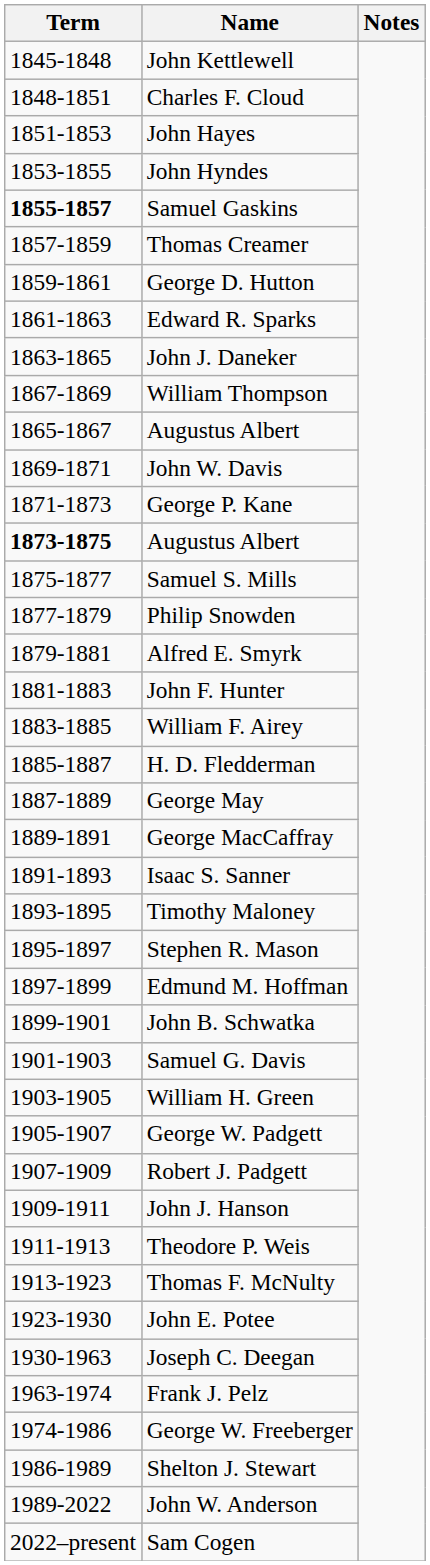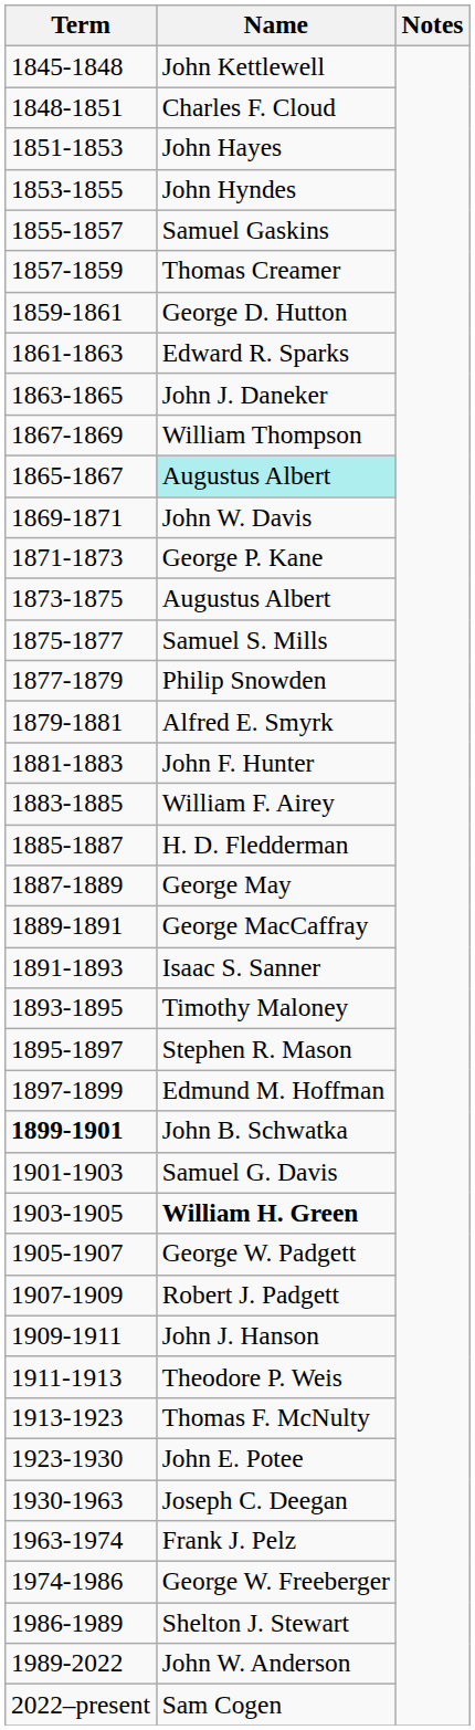 <table class="wikitable">
 <tr>
 <th>Term</th>
 <th>Name</th>
 <th>Notes</th>
 </tr>
 <tr>
 <td>1845-1848</td>
 <td>John Kettlewell</td>
 </tr>
 <tr>
 <td>1848-1851</td>
 <td>Charles F. Cloud</td>
 </tr>
 <tr>
 <td>1851-1853</td>
 <td>John Hayes</td>
 </tr>
 <tr>
 <td>1853-1855</td>
 <td>John Hyndes</td>
 </tr>
 <tr>
-<td><strong>1855-1857</strong></td>
+<td>1855-1857</td>
 <td>Samuel Gaskins</td>
 </tr>
 <tr>
 <td>1857-1859</td>
 <td>Thomas Creamer</td>
 </tr>
 <tr>
 <td>1859-1861</td>
 <td>George D. Hutton</td>
 </tr>
 <tr>
 <td>1861-1863</td>
 <td>Edward R. Sparks</td>
 </tr>
 <tr>
 <td>1863-1865</td>
 <td>John J. Daneker</td>
 </tr>
 <tr>
 <td>1867-1869</td>
 <td>William Thompson</td>
 </tr>
 <tr>
 <td>1865-1867</td>
-<td>Augustus Albert</td>
+<td style="background: paleturquoise;">Augustus Albert</td>
 </tr>
 <tr>
 <td>1869-1871</td>
 <td>John W. Davis</td>
 </tr>
 <tr>
 <td>1871-1873</td>
 <td>George P. Kane</td>
 </tr>
 <tr>
-<td><strong>1873-1875</strong></td>
+<td>1873-1875</td>
 <td>Augustus Albert</td>
 </tr>
 <tr>
 <td>1875-1877</td>
 <td>Samuel S. Mills</td>
 </tr>
 <tr>
 <td>1877-1879</td>
 <td>Philip Snowden</td>
 </tr>
 <tr>
 <td>1879-1881</td>
 <td>Alfred E. Smyrk</td>
 </tr>
 <tr>
 <td>1881-1883</td>
 <td>John F. Hunter</td>
 </tr>
 <tr>
 <td>1883-1885</td>
 <td>William F. Airey</td>
 </tr>
 <tr>
 <td>1885-1887</td>
 <td>H. D. Fledderman</td>
 </tr>
 <tr>
 <td>1887-1889</td>
 <td>George May</td>
 </tr>
 <tr>
 <td>1889-1891</td>
 <td>George MacCaffray</td>
 </tr>
 <tr>
 <td>1891-1893</td>
 <td>Isaac S. Sanner</td>
 </tr>
 <tr>
 <td>1893-1895</td>
 <td>Timothy Maloney</td>
 </tr>
 <tr>
 <td>1895-1897</td>
 <td>Stephen R. Mason</td>
 </tr>
 <tr>
 <td>1897-1899</td>
 <td>Edmund M. Hoffman</td>
 </tr>
 <tr>
-<td>1899-1901</td>
+<td><strong>1899-1901</strong></td>
 <td>John B. Schwatka</td>
 </tr>
 <tr>
 <td>1901-1903</td>
 <td>Samuel G. Davis</td>
 </tr>
 <tr>
 <td>1903-1905</td>
-<td>William H. Green</td>
+<td><strong>William H. Green</strong></td>
 </tr>
 <tr>
 <td>1905-1907</td>
 <td>George W. Padgett</td>
 </tr>
 <tr>
 <td>1907-1909</td>
 <td>Robert J. Padgett</td>
 </tr>
 <tr>
 <td>1909-1911</td>
 <td>John J. Hanson</td>
 </tr>
 <tr>
 <td>1911-1913</td>
 <td>Theodore P. Weis</td>
 </tr>
 <tr>
 <td>1913-1923</td>
 <td>Thomas F. McNulty</td>
 </tr>
 <tr>
 <td>1923-1930</td>
 <td>John E. Potee</td>
 </tr>
 <tr>
 <td>1930-1963</td>
 <td>Joseph C. Deegan</td>
 </tr>
 <tr>
 <td>1963-1974</td>
 <td>Frank J. Pelz</td>
 </tr>
 <tr>
 <td>1974-1986</td>
 <td>George W. Freeberger</td>
 </tr>
 <tr>
 <td>1986-1989</td>
 <td>Shelton J. Stewart</td>
 </tr>
 <tr>
 <td>1989-2022</td>
 <td>John W. Anderson</td>
 </tr>
 <tr>
 <td>2022–present</td>
 <td>Sam Cogen</td>
 </tr>
 </table>
